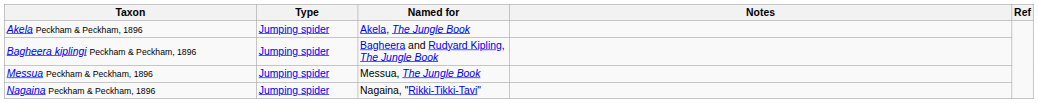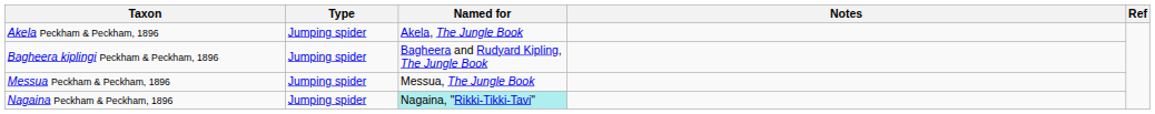 <table class="wikitable sortable" width="100%">
 <tr>
 <th style="width:25%;">Taxon</th>
 <th style="width:10%;">Type</th>
 <th style="width:15%;">Named for</th>
 <th style="width:50%;">Notes</th>
 <th class="unsortable">Ref</th>
 </tr>
 <tr>
 <td><a href='#'><em>Akela</em></a> <small>Peckham & Peckham, 1896</small></td>
 <td><a href='#'>Jumping spider</a></td>
 <td><a href='#'>Akela</a>, <em><a href='#'>The Jungle Book</a></em></td>
 <td></td>
 <td rowspan="4"></td>
 </tr>
 <tr>
 <td><em><a href='#'>Bagheera kiplingi</a></em> <small>Peckham & Peckham, 1896</small></td>
 <td><a href='#'>Jumping spider</a></td>
 <td><a href='#'>Bagheera</a> and <a href='#'>Rudyard Kipling</a>, <em><a href='#'>The Jungle Book</a></em></td>
 <td></td>
 </tr>
 <tr>
 <td><a href='#'><em>Messua</em></a> <small>Peckham & Peckham, 1896</small></td>
 <td><a href='#'>Jumping spider</a></td>
 <td>Messua, <em><a href='#'>The Jungle Book</a></em></td>
 <td></td>
 </tr>
 <tr>
 <td><em><a href='#'>Nagaina</a></em> <small>Peckham & Peckham, 1896</small></td>
 <td><a href='#'>Jumping spider</a></td>
-<td>Nagaina, "<a href='#'>Rikki-Tikki-Tavi</a>"</td>
+<td style="background: paleturquoise;">Nagaina, "<a href='#'>Rikki-Tikki-Tavi</a>"</td>
 <td></td>
 </tr>
 </table>
